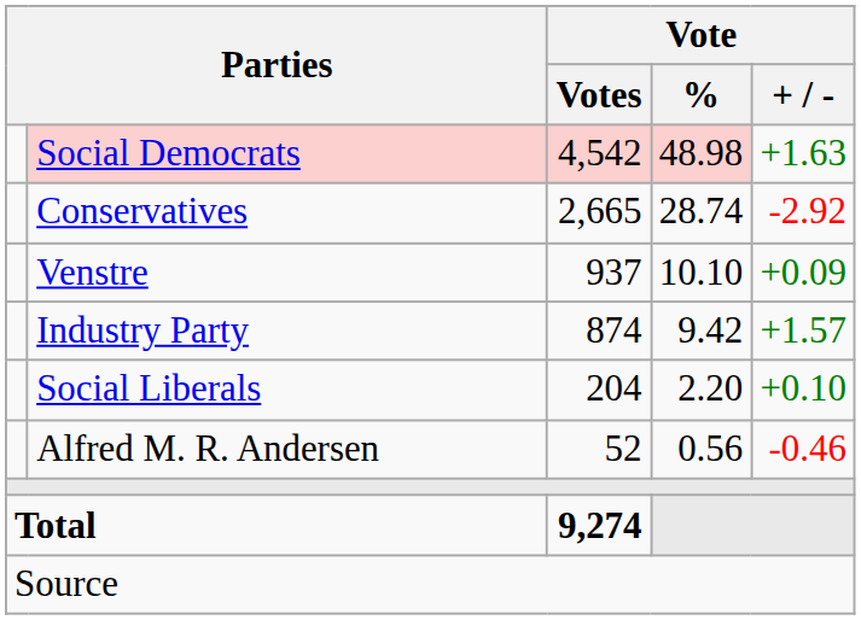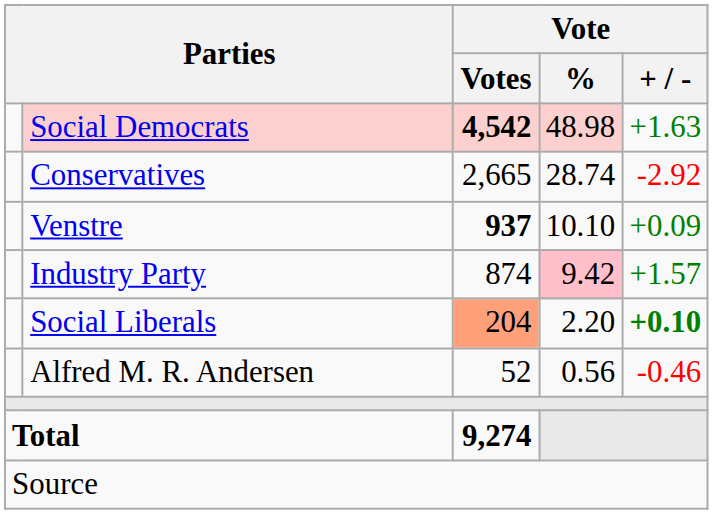 <table class="wikitable" style="text-align:right;">
 <tr>
 <th style="text-align:centre;" rowspan="2" colspan="2" width="225">Parties</th>
 <th colspan="3">Vote</th>
 </tr>
 <tr>
 <th width="15">Votes</th>
 <th width="15">%</th>
 <th width="15">+ / -</th>
 </tr>
 <tr>
 <td width="2" style="color:inherit;background:"></td>
 <td bgcolor=#fbd0ce  align="left"><a href='#'>Social Democrats</a></td>
-<td bgcolor=#fbd0ce>4,542</td>
+<td bgcolor=#fbd0ce><strong>4,542</strong></td>
 <td bgcolor=#fbd0ce>48.98</td>
 <td style=color:green;>+1.63</td>
 </tr>
 <tr>
 <td width="2" style="color:inherit;background:"></td>
 <td align="left"><a href='#'>Conservatives</a></td>
 <td>2,665</td>
 <td>28.74</td>
 <td style=color:red;>-2.92</td>
 </tr>
 <tr>
 <td width="2" style="color:inherit;background:"></td>
 <td align="left"><a href='#'>Venstre</a></td>
-<td>937</td>
+<td><strong>937</strong></td>
 <td>10.10</td>
 <td style=color:green;>+0.09</td>
 </tr>
 <tr>
 <td width="2" style="color:inherit;background:"></td>
 <td align="left"><a href='#'>Industry Party</a></td>
 <td>874</td>
-<td>9.42</td>
+<td style="background: pink;">9.42</td>
 <td style=color:green;>+1.57</td>
 </tr>
 <tr>
 <td width="2" style="color:inherit;background:"></td>
 <td align="left"><a href='#'>Social Liberals</a></td>
-<td>204</td>
+<td style="background: lightsalmon;">204</td>
 <td>2.20</td>
-<td style=color:green;>+0.10</td>
+<td style=color:green;><strong>+0.10</strong></td>
 </tr>
 <tr>
 <td width="2" style="color:inherit;background:"></td>
 <td align="left">Alfred M. R. Andersen</td>
 <td>52</td>
 <td>0.56</td>
 <td style=color:red;>-0.46</td>
 </tr>
 <tr>
 <td colspan="7" bgcolor="#E9E9E9"></td>
 </tr>
 <tr>
 <td align="left" colspan="2"><strong>Total</strong></td>
 <td><strong>9,274</strong></td>
 <td bgcolor="#E9E9E9" colspan="2"></td>
 </tr>
 <tr>
 <td align="left" colspan="6">Source</td>
 </tr>
 </table>
